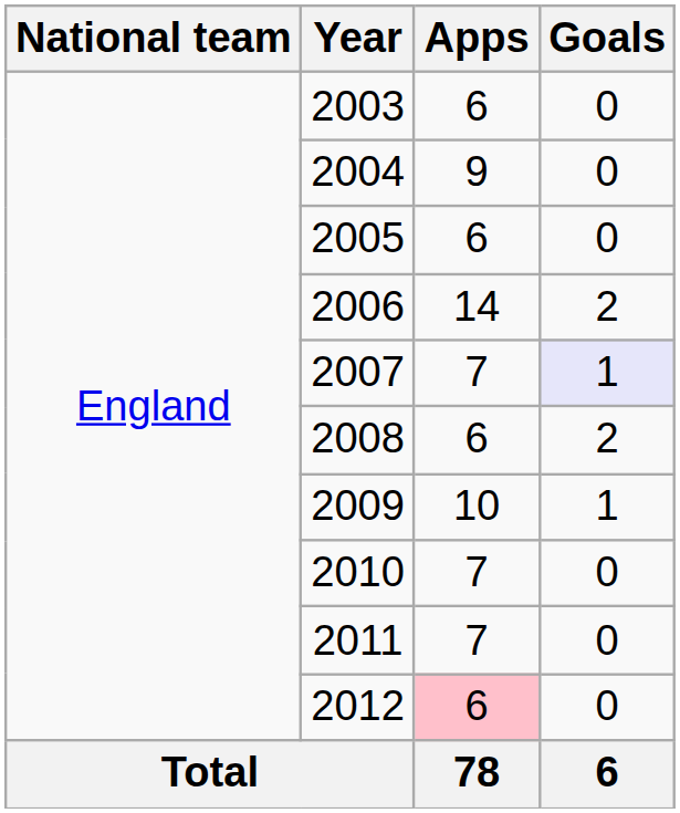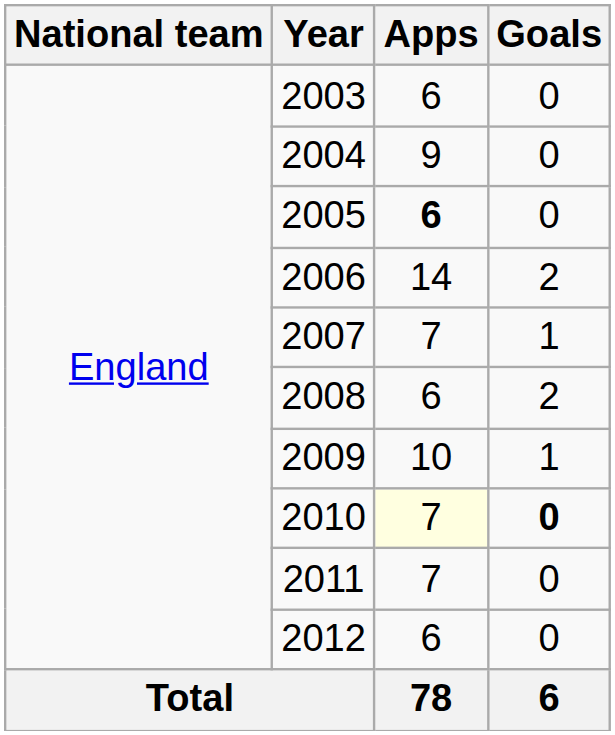 <table class="wikitable" style="text-align: center;">
 <tr>
 <th>National team</th>
 <th>Year</th>
 <th>Apps</th>
 <th>Goals</th>
 </tr>
 <tr>
 <td rowspan="10"><a href='#'>England</a></td>
 <td>2003</td>
 <td>6</td>
 <td>0</td>
 </tr>
 <tr>
 <td>2004</td>
 <td>9</td>
 <td>0</td>
 </tr>
 <tr>
 <td>2005</td>
-<td>6</td>
+<td><strong>6</strong></td>
 <td>0</td>
 </tr>
 <tr>
 <td>2006</td>
 <td>14</td>
 <td>2</td>
 </tr>
 <tr>
 <td>2007</td>
 <td>7</td>
-<td style="background: lavender;">1</td>
+<td>1</td>
 </tr>
 <tr>
 <td>2008</td>
 <td>6</td>
 <td>2</td>
 </tr>
 <tr>
 <td>2009</td>
 <td>10</td>
 <td>1</td>
 </tr>
 <tr>
 <td>2010</td>
-<td>7</td>
-<td>0</td>
+<td style="background: lightyellow;">7</td>
+<td><strong>0</strong></td>
 </tr>
 <tr>
 <td>2011</td>
 <td>7</td>
 <td>0</td>
 </tr>
 <tr>
 <td>2012</td>
-<td style="background: pink;">6</td>
+<td>6</td>
 <td>0</td>
 </tr>
 <tr>
 <th colspan="2">Total</th>
 <th>78</th>
 <th>6</th>
 </tr>
 </table>
